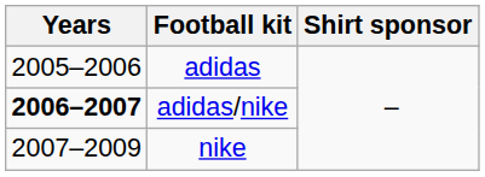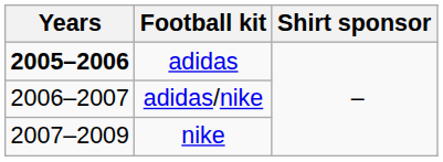 <table class="wikitable" style="text-align: center">
 <tr>
 <th>Years</th>
 <th>Football kit</th>
 <th>Shirt sponsor</th>
 </tr>
 <tr>
-<td>2005–2006</td>
+<td><strong>2005–2006</strong></td>
 <td><a href='#'>adidas</a></td>
 <td rowspan=3> –</td>
 </tr>
 <tr>
-<td><strong>2006–2007</strong></td>
+<td>2006–2007</td>
 <td><a href='#'>adidas</a>/<a href='#'>nike</a></td>
 </tr>
 <tr>
 <td>2007–2009</td>
 <td><a href='#'>nike</a></td>
 </tr>
 </table>
